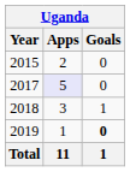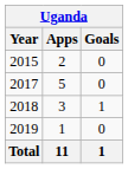 <table class="wikitable" style="text-align:center">
 <tr>
 <th colspan=3><a href='#'>Uganda</a></th>
 </tr>
 <tr>
 <th>Year</th>
 <th>Apps</th>
 <th>Goals</th>
 </tr>
 <tr>
 <td>2015</td>
 <td>2</td>
 <td>0</td>
 </tr>
 <tr>
 <td>2017</td>
-<td style="background: lavender;">5</td>
+<td>5</td>
 <td>0</td>
 </tr>
 <tr>
 <td>2018</td>
 <td>3</td>
 <td>1</td>
 </tr>
 <tr>
 <td>2019</td>
 <td>1</td>
-<td><strong>0</strong></td>
+<td>0</td>
 </tr>
 <tr>
 <th>Total</th>
 <th>11</th>
 <th>1</th>
 </tr>
 </table>
